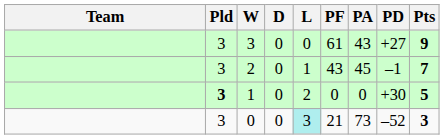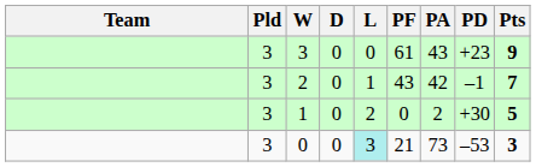 <table class="wikitable" style="text-align:center;">
 <tr>
 <th width=190>Team</th>
 <th width=20 abbr="Played">Pld</th>
 <th width=20 abbr="Won">W</th>
 <th width=20 abbr="Drawn">D</th>
 <th width=20 abbr="Lost">L</th>
 <th width=20 abbr="Points for">PF</th>
 <th width=20 abbr="Points against">PA</th>
 <th width=25 abbr="Points difference">PD</th>
 <th width=20 abbr="Points">Pts</th>
 </tr>
 <tr style="background:#ccffcc">
 <td align=left></td>
 <td>3</td>
 <td>3</td>
 <td>0</td>
 <td>0</td>
 <td>61</td>
 <td>43</td>
-<td>+27</td>
+<td>+23</td>
 <td><strong>9</strong></td>
 </tr>
 <tr style="background:#ccffcc">
 <td align=left></td>
 <td>3</td>
 <td>2</td>
 <td>0</td>
 <td>1</td>
 <td>43</td>
-<td>45</td>
+<td>42</td>
 <td>–1</td>
 <td><strong>7</strong></td>
 </tr>
 <tr style="background:#ccffcc">
 <td align=left></td>
-<td><strong>3</strong></td>
+<td>3</td>
 <td>1</td>
 <td>0</td>
 <td>2</td>
 <td>0</td>
-<td>0</td>
+<td>2</td>
 <td>+30</td>
 <td><strong>5</strong></td>
 </tr>
 <tr>
 <td align=left></td>
 <td>3</td>
 <td>0</td>
 <td>0</td>
 <td style="background: paleturquoise;">3</td>
 <td>21</td>
 <td>73</td>
-<td>–52</td>
+<td>–53</td>
 <td><strong>3</strong></td>
 </tr>
 </table>
